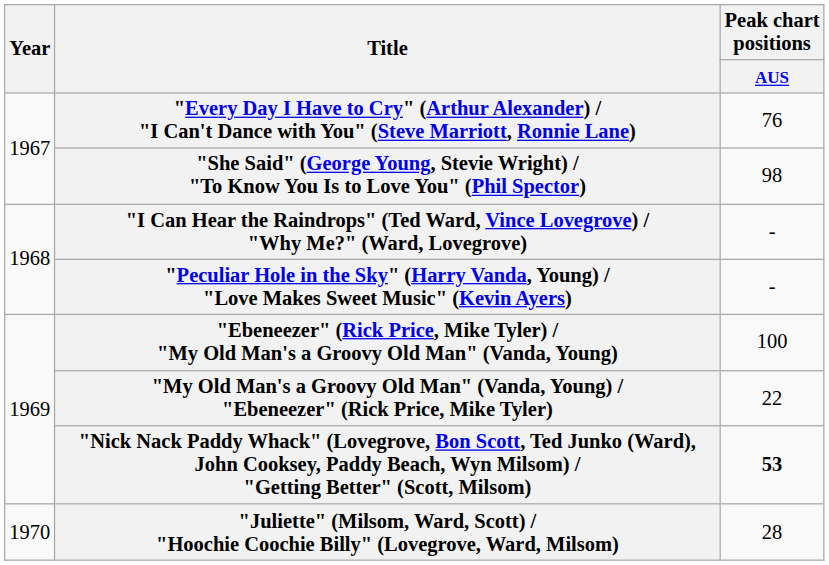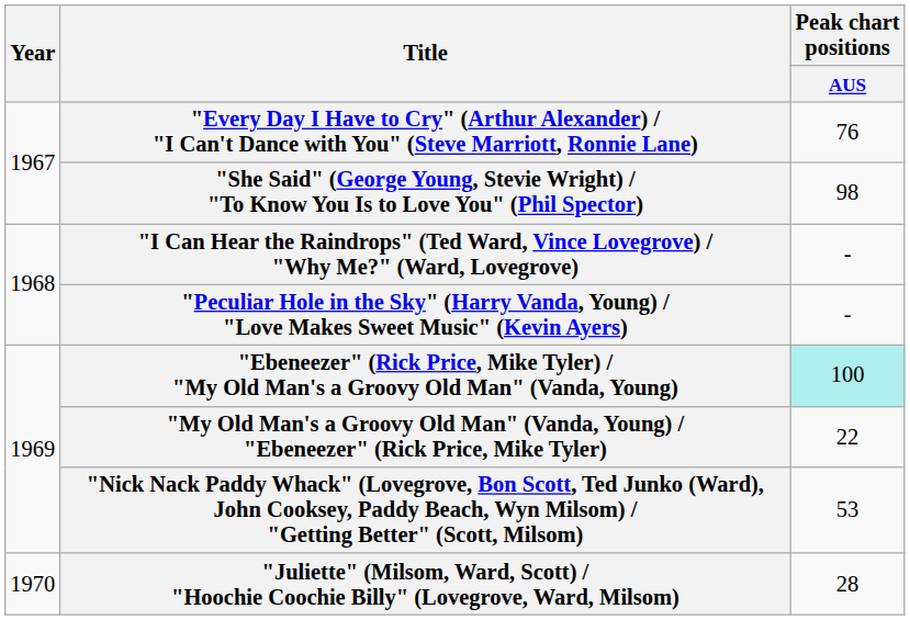 <table class="wikitable plainrowheaders" style="text-align:center;" border="1">
 <tr>
 <th scope="col" rowspan="2">Year</th>
 <th scope="col" rowspan="2" style="width:32em;">Title</th>
 <th scope="col" colspan="1">Peak chart<br>positions</th>
 </tr>
 <tr>
 <th scope="col" style="text-align:center;"><small><a href='#'>AUS</a><br></small></th>
 </tr>
 <tr>
 <td rowspan="2">1967</td>
 <th scope="row">"<a href='#'>Every Day I Have to Cry</a>" (<a href='#'>Arthur Alexander</a>) /<br> "I Can't Dance with You" (<a href='#'>Steve Marriott</a>, <a href='#'>Ronnie Lane</a>)</th>
 <td style="text-align:center;">76</td>
 </tr>
 <tr>
 <th scope="row">"She Said" (<a href='#'>George Young</a>, Stevie Wright) /<br> "To Know You Is to Love You" (<a href='#'>Phil Spector</a>)</th>
 <td style="text-align:center;">98</td>
 </tr>
 <tr>
 <td rowspan="2">1968</td>
 <th scope="row">"I Can Hear the Raindrops" (Ted Ward, <a href='#'>Vince Lovegrove</a>) /<br> "Why Me?" (Ward, Lovegrove)</th>
 <td style="text-align:center;">-</td>
 </tr>
 <tr>
 <th scope="row">"<a href='#'>Peculiar Hole in the Sky</a>" (<a href='#'>Harry Vanda</a>, Young) /<br> "Love Makes Sweet Music" (<a href='#'>Kevin Ayers</a>)</th>
 <td style="text-align:center;">-</td>
 </tr>
 <tr>
 <td rowspan="3">1969</td>
 <th scope="row">"Ebeneezer" (<a href='#'>Rick Price</a>, Mike Tyler) /<br> "My Old Man's a Groovy Old Man" (Vanda, Young)</th>
-<td style="text-align:center;">100</td>
+<td style="background: paleturquoise; text-align:center;">100</td>
 </tr>
 <tr>
 <th scope="row">"My Old Man's a Groovy Old Man" (Vanda, Young) /<br> "Ebeneezer" (Rick Price, Mike Tyler)</th>
 <td style="text-align:center;">22</td>
 </tr>
 <tr>
 <th scope="row">"Nick Nack Paddy Whack" (Lovegrove, <a href='#'>Bon Scott</a>, Ted Junko (Ward), John Cooksey, Paddy Beach, Wyn Milsom) /<br> "Getting Better" (Scott, Milsom)</th>
-<td style="text-align:center;"><strong>53</strong></td>
+<td style="text-align:center;">53</td>
 </tr>
 <tr>
 <td>1970</td>
 <th scope="row">"Juliette" (Milsom, Ward, Scott) /<br> "Hoochie Coochie Billy" (Lovegrove, Ward, Milsom)</th>
 <td style="text-align:center;">28</td>
 </tr>
 </table>
